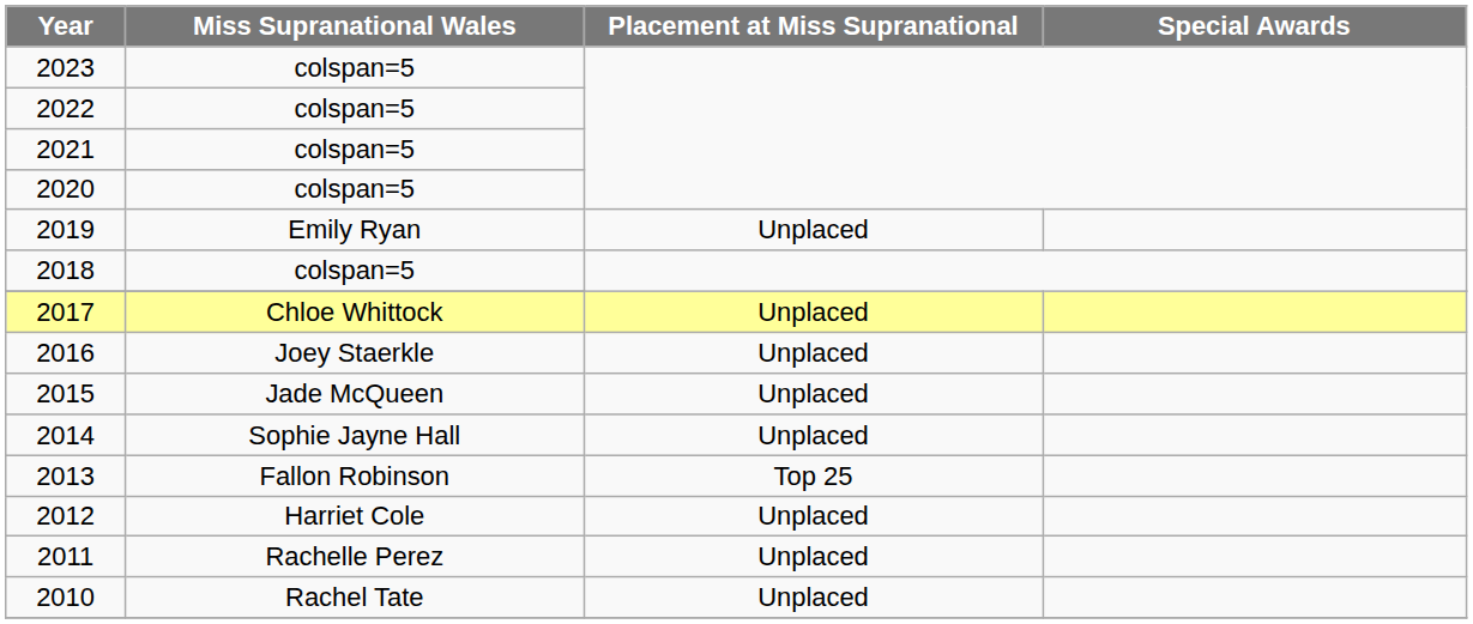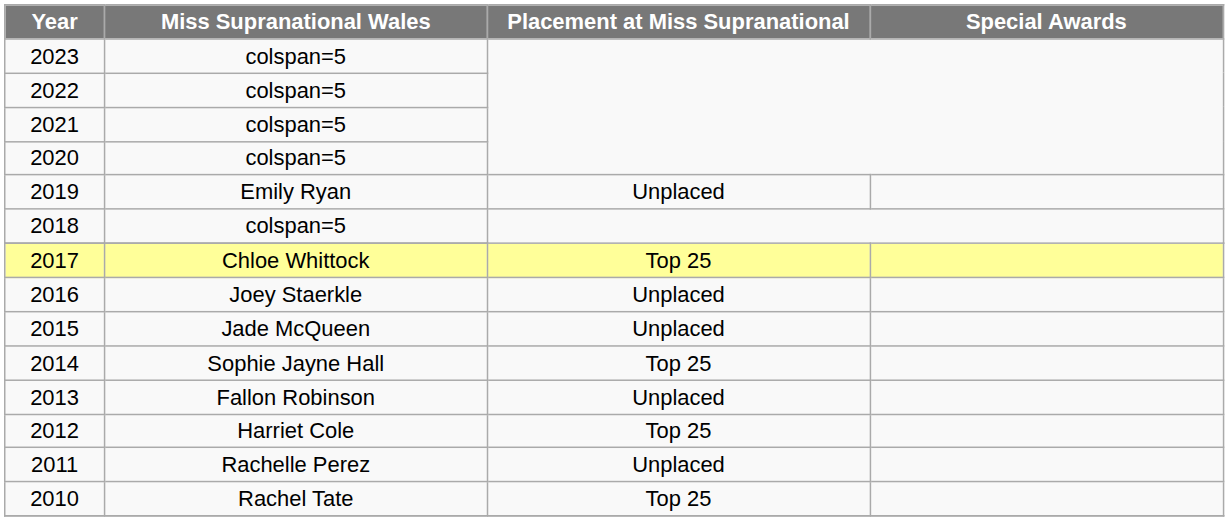 <table class="wikitable" style="font-size: 92%; text-align:center">
 <tr>
 <th width="60" style="background-color:#787878;color:#FFFFFF;">Year</th>
 <th width="250" style="background-color:#787878;color:#FFFFFF;">Miss Supranational Wales</th>
 <th width="250" style="background-color:#787878;color:#FFFFFF;">Placement at Miss Supranational</th>
 <th width="230" style="background-color:#787878;color:#FFFFFF;">Special Awards</th>
 </tr>
 <tr>
 <td>2023</td>
 <td>colspan=5 </td>
 </tr>
 <tr>
 <td>2022</td>
 <td>colspan=5 </td>
 </tr>
 <tr>
 <td>2021</td>
 <td>colspan=5 </td>
 </tr>
 <tr>
 <td>2020</td>
 <td>colspan=5 </td>
 </tr>
 <tr>
 <td>2019</td>
 <td>Emily Ryan</td>
 <td>Unplaced</td>
 <td></td>
 </tr>
 <tr>
 <td>2018</td>
 <td>colspan=5 </td>
 </tr>
 <tr>
 </tr>
 <tr style="background-color:#FFFF99">
 <td>2017</td>
 <td>Chloe Whittock</td>
-<td>Unplaced</td>
+<td>Top 25</td>
 <td></td>
 </tr>
 <tr>
 <td>2016</td>
 <td>Joey Staerkle</td>
 <td>Unplaced</td>
 <td></td>
 </tr>
 <tr>
 <td>2015</td>
 <td>Jade McQueen</td>
 <td>Unplaced</td>
 <td></td>
 </tr>
 <tr>
 <td>2014</td>
 <td>Sophie Jayne Hall</td>
-<td>Unplaced</td>
+<td>Top 25</td>
 <td></td>
 </tr>
 <tr>
 <td>2013</td>
 <td>Fallon Robinson</td>
-<td>Top 25</td>
+<td>Unplaced</td>
 <td></td>
 </tr>
 <tr>
 <td>2012</td>
 <td>Harriet Cole</td>
-<td>Unplaced</td>
+<td>Top 25</td>
 <td></td>
 </tr>
 <tr>
 <td>2011</td>
 <td>Rachelle Perez</td>
 <td>Unplaced</td>
 <td></td>
 </tr>
 <tr>
 <td>2010</td>
 <td>Rachel Tate</td>
-<td>Unplaced</td>
+<td>Top 25</td>
 <td></td>
 </tr>
 <tr>
 </tr>
 </table>
